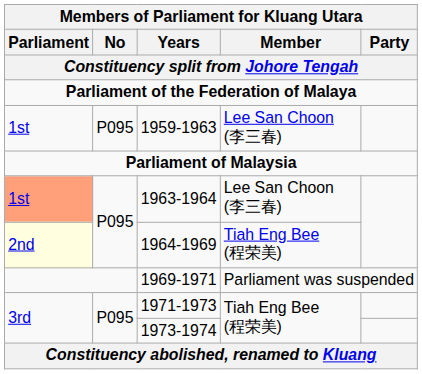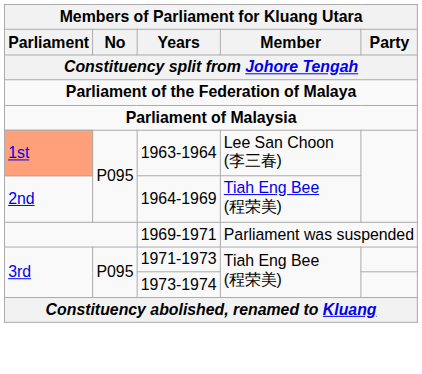 <table class=wikitable>
 <tr>
 <th colspan="5">Members of Parliament for Kluang Utara</th>
 </tr>
 <tr>
 <th>Parliament</th>
 <th>No</th>
 <th>Years</th>
 <th>Member</th>
 <th>Party</th>
 </tr>
 <tr>
 <th colspan="5" align="center"><em>Constituency split from <a href='#'>Johore Tengah</a></em></th>
 </tr>
 <tr>
 <td colspan="5" align="center"><strong>Parliament of the Federation of Malaya</strong></td>
 </tr>
 <tr>
-<td><a href='#'>1st</a></td>
-<td>P095</td>
-<td>1959-1963</td>
-<td><a href='#'>Lee San Choon</a>  <br>(李三春)</td>
-<td></td>
-</tr>
-<tr>
 <td colspan="5" align="center"><strong>Parliament of Malaysia</strong></td>
 </tr>
 <tr>
 <td style="background: lightsalmon;"><a href='#'>1st</a></td>
 <td rowspan="2">P095</td>
 <td>1963-1964</td>
 <td>Lee San Choon  <br>(李三春)</td>
 <td rowspan="2"></td>
 </tr>
 <tr>
-<td style="background: lightyellow;"><a href='#'>2nd</a></td>
+<td><a href='#'>2nd</a></td>
 <td>1964-1969</td>
 <td><a href='#'>Tiah Eng Bee</a> <br> (程荣美)</td>
 </tr>
 <tr>
 <td colspan="2"></td>
 <td>1969-1971</td>
 <td colspan=2 align=center>Parliament was suspended</td>
 </tr>
 <tr>
 <td rowspan=2><a href='#'>3rd</a></td>
 <td rowspan="2">P095</td>
 <td>1971-1973</td>
 <td rowspan=2>Tiah Eng Bee <br> (程荣美)</td>
 <td></td>
 </tr>
 <tr>
 <td>1973-1974</td>
 <td></td>
 </tr>
 <tr>
 <th colspan="5" align="center"><em>Constituency abolished, renamed to <a href='#'>Kluang</a></em></th>
 </tr>
 </table>
